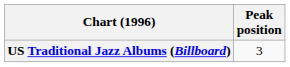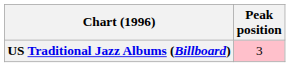 <table class="wikitable plainrowheaders" style="text-align:center">
 <tr>
 <th scope="col">Chart (1996)</th>
 <th scope="col">Peak<br>position</th>
 </tr>
 <tr>
 <th scope="row">US <a href='#'>Traditional Jazz Albums</a> (<em><a href='#'>Billboard</a></em>)</th>
-<td>3</td>
+<td style="background: pink;">3</td>
 </tr>
 </table>
